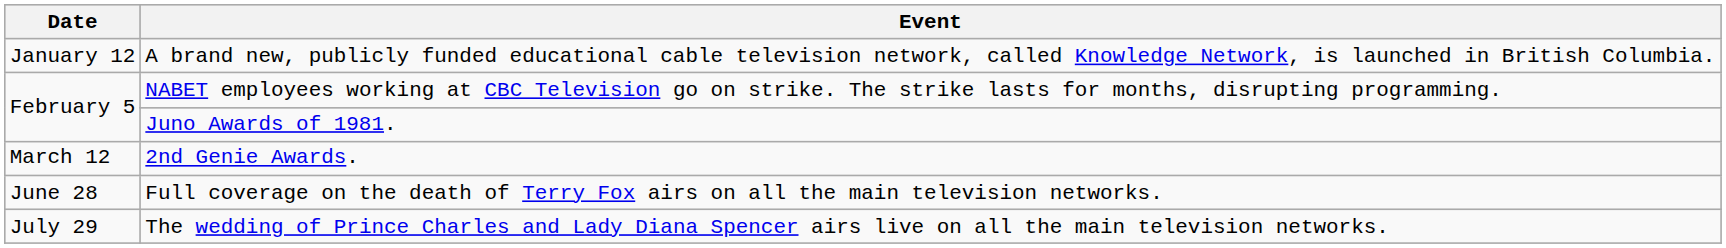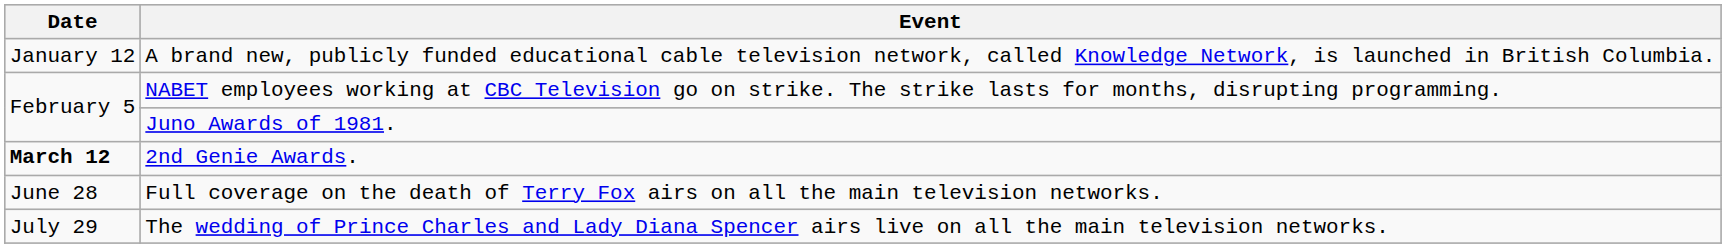 <table class="wikitable">
 <tr>
 <th>Date</th>
 <th>Event</th>
 </tr>
 <tr>
 <td>January 12</td>
 <td>A brand new, publicly funded educational cable television network, called <a href='#'>Knowledge Network</a>, is launched in British Columbia.</td>
 </tr>
 <tr>
 <td rowspan="2">February 5</td>
 <td><a href='#'>NABET</a> employees working at <a href='#'>CBC Television</a> go on strike. The strike lasts for months, disrupting programming.</td>
 </tr>
 <tr>
 <td><a href='#'>Juno Awards of 1981</a>.</td>
 </tr>
 <tr>
-<td>March 12</td>
+<td><strong>March 12</strong></td>
 <td><a href='#'>2nd Genie Awards</a>.</td>
 </tr>
 <tr>
 <td>June 28</td>
 <td>Full coverage on the death of <a href='#'>Terry Fox</a> airs on all the main television networks.</td>
 </tr>
 <tr>
 <td>July 29</td>
 <td>The <a href='#'>wedding of Prince Charles and Lady Diana Spencer</a> airs live on all the main television networks.</td>
 </tr>
 </table>
